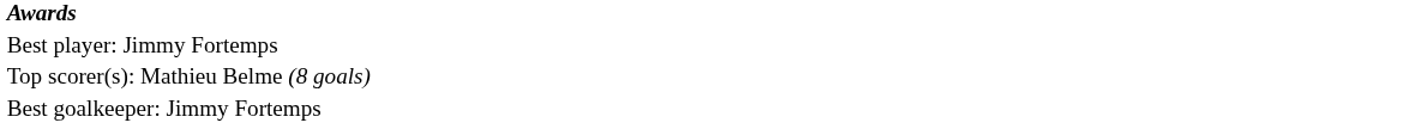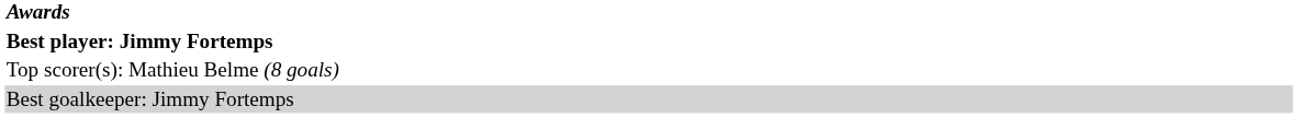 <table width=100% cellspacing=1 style="font-size: 90%;">
 <tr>
 <td><strong><em>Awards</em></strong></td>
 </tr>
 <tr>
-<td>Best player:  Jimmy Fortemps</td>
+<td><strong>Best player:  Jimmy Fortemps</strong></td>
 </tr>
 <tr>
 <td colspan=4>Top scorer(s):  Mathieu Belme <em>(8 goals)</em></td>
 </tr>
 <tr>
-<td>Best goalkeeper:  Jimmy Fortemps</td>
+<td style="background: lightgrey;">Best goalkeeper:  Jimmy Fortemps</td>
 </tr>
 </table>
